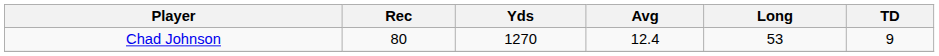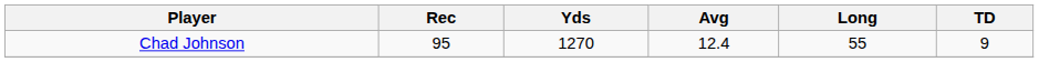 <table class="wikitable" style="text-align:center" width="80%">
 <tr>
 <th>Player</th>
 <th>Rec</th>
 <th>Yds</th>
 <th>Avg</th>
 <th>Long</th>
 <th>TD</th>
 </tr>
 <tr>
 <td><a href='#'>Chad Johnson</a></td>
-<td>80</td>
+<td>95</td>
 <td>1270</td>
 <td>12.4</td>
-<td>53</td>
+<td>55</td>
 <td>9</td>
 </tr>
 <tr>
 </tr>
 </table>
